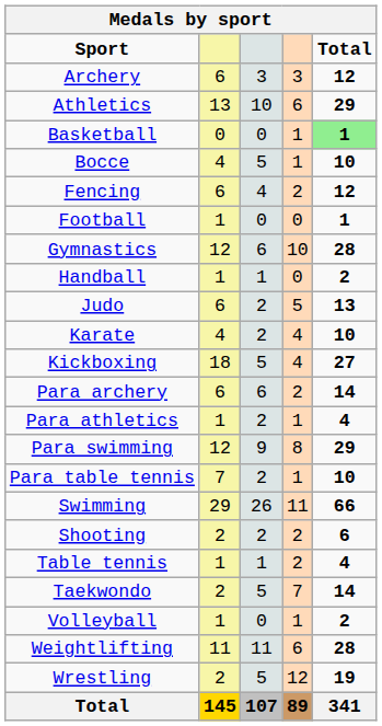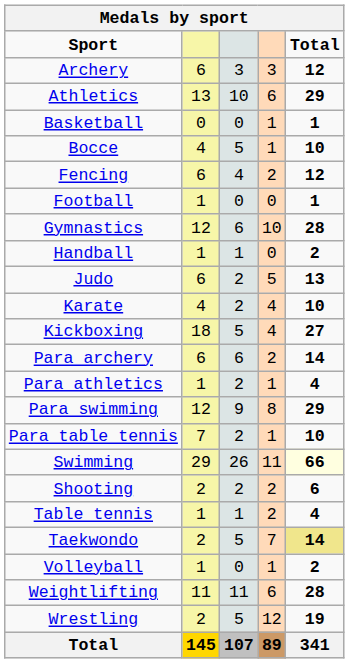 <table class="wikitable" style="font-size:85%; float:right; margin-left:1em;">
 <tr style="background:#efefef;">
 <th colspan=7>Medals by sport</th>
 </tr>
 <tr align=center>
 <td><strong>Sport</strong></td>
 <td bgcolor=#f7f6a8></td>
 <td bgcolor=#dce5e5></td>
 <td bgcolor=#ffdab9></td>
 <td><strong>Total</strong></td>
 </tr>
 <tr align=center>
 <td><a href='#'>Archery</a></td>
 <td style="background:#F7F6A8;">6</td>
 <td style="background:#DCE5E5;">3</td>
 <td style="background:#FFDAB9;">3</td>
 <td><strong>12</strong></td>
 </tr>
 <tr align=center>
 <td><a href='#'>Athletics</a></td>
 <td style="background:#F7F6A8;">13</td>
 <td style="background:#DCE5E5;">10</td>
 <td style="background:#FFDAB9;">6</td>
 <td><strong>29</strong></td>
 </tr>
 <tr align=center>
 <td><a href='#'>Basketball</a></td>
 <td style="background:#F7F6A8;">0</td>
 <td style="background:#DCE5E5;">0</td>
 <td style="background:#FFDAB9;">1</td>
-<td style="background: lightgreen;"><strong>1</strong></td>
+<td><strong>1</strong></td>
 </tr>
 <tr align=center>
 <td><a href='#'>Bocce</a></td>
 <td style="background:#F7F6A8;">4</td>
 <td style="background:#DCE5E5;">5</td>
 <td style="background:#FFDAB9;">1</td>
 <td><strong>10</strong></td>
 </tr>
 <tr align=center>
 <td><a href='#'>Fencing</a></td>
 <td style="background:#F7F6A8;">6</td>
 <td style="background:#DCE5E5;">4</td>
 <td style="background:#FFDAB9;">2</td>
 <td><strong>12</strong></td>
 </tr>
 <tr align=center>
 <td><a href='#'>Football</a></td>
 <td style="background:#F7F6A8;">1</td>
 <td style="background:#DCE5E5;">0</td>
 <td style="background:#FFDAB9;">0</td>
 <td><strong>1</strong></td>
 </tr>
 <tr align=center>
 <td><a href='#'>Gymnastics</a></td>
 <td style="background:#F7F6A8;">12</td>
 <td style="background:#DCE5E5;">6</td>
 <td style="background:#FFDAB9;">10</td>
 <td><strong>28</strong></td>
 </tr>
 <tr align=center>
 <td><a href='#'>Handball</a></td>
 <td style="background:#F7F6A8;">1</td>
 <td style="background:#DCE5E5;">1</td>
 <td style="background:#FFDAB9;">0</td>
 <td><strong>2</strong></td>
 </tr>
 <tr align=center>
 <td><a href='#'>Judo</a></td>
 <td style="background:#F7F6A8;">6</td>
 <td style="background:#DCE5E5;">2</td>
 <td style="background:#FFDAB9;">5</td>
 <td><strong>13</strong></td>
 </tr>
 <tr align=center>
 <td><a href='#'>Karate</a></td>
 <td style="background:#F7F6A8;">4</td>
 <td style="background:#DCE5E5;">2</td>
 <td style="background:#FFDAB9;">4</td>
 <td><strong>10</strong></td>
 </tr>
 <tr align=center>
 <td><a href='#'>Kickboxing</a></td>
 <td style="background:#F7F6A8;">18</td>
 <td style="background:#DCE5E5;">5</td>
 <td style="background:#FFDAB9;">4</td>
 <td><strong>27</strong></td>
 </tr>
 <tr align=center>
 <td><a href='#'>Para archery</a></td>
 <td style="background:#F7F6A8;">6</td>
 <td style="background:#DCE5E5;">6</td>
 <td style="background:#FFDAB9;">2</td>
 <td><strong>14</strong></td>
 </tr>
 <tr align=center>
 <td><a href='#'>Para athletics</a></td>
 <td style="background:#F7F6A8;">1</td>
 <td style="background:#DCE5E5;">2</td>
 <td style="background:#FFDAB9;">1</td>
 <td><strong>4</strong></td>
 </tr>
 <tr align=center>
 <td><a href='#'>Para swimming</a></td>
 <td style="background:#F7F6A8;">12</td>
 <td style="background:#DCE5E5;">9</td>
 <td style="background:#FFDAB9;">8</td>
 <td><strong>29</strong></td>
 </tr>
 <tr align=center>
 <td><a href='#'>Para table tennis</a></td>
 <td style="background:#F7F6A8;">7</td>
 <td style="background:#DCE5E5;">2</td>
 <td style="background:#FFDAB9;">1</td>
 <td><strong>10</strong></td>
 </tr>
 <tr align=center>
 <td><a href='#'>Swimming</a></td>
 <td style="background:#F7F6A8;">29</td>
 <td style="background:#DCE5E5;">26</td>
 <td style="background:#FFDAB9;">11</td>
-<td><strong>66</strong></td>
+<td style="background: lightyellow;"><strong>66</strong></td>
 </tr>
 <tr align=center>
 <td><a href='#'>Shooting</a></td>
 <td style="background:#F7F6A8;">2</td>
 <td style="background:#DCE5E5;">2</td>
 <td style="background:#FFDAB9;">2</td>
 <td><strong>6</strong></td>
 </tr>
 <tr align=center>
 <td><a href='#'>Table tennis</a></td>
 <td style="background:#F7F6A8;">1</td>
 <td style="background:#DCE5E5;">1</td>
 <td style="background:#FFDAB9;">2</td>
 <td><strong>4</strong></td>
 </tr>
 <tr align=center>
 <td><a href='#'>Taekwondo</a></td>
 <td style="background:#F7F6A8;">2</td>
 <td style="background:#DCE5E5;">5</td>
 <td style="background:#FFDAB9;">7</td>
-<td><strong>14</strong></td>
+<td style="background: khaki;"><strong>14</strong></td>
 </tr>
 <tr align=center>
 <td><a href='#'>Volleyball</a></td>
 <td style="background:#F7F6A8;">1</td>
 <td style="background:#DCE5E5;">0</td>
 <td style="background:#FFDAB9;">1</td>
 <td><strong>2</strong></td>
 </tr>
 <tr align=center>
 <td><a href='#'>Weightlifting</a></td>
 <td style="background:#F7F6A8;">11</td>
 <td style="background:#DCE5E5;">11</td>
 <td style="background:#FFDAB9;">6</td>
 <td><strong>28</strong></td>
 </tr>
 <tr align=center>
 <td><a href='#'>Wrestling</a></td>
 <td style="background:#F7F6A8;">2</td>
 <td style="background:#DCE5E5;">5</td>
 <td style="background:#FFDAB9;">12</td>
 <td><strong>19</strong></td>
 </tr>
 <tr align=center>
 <th>Total</th>
 <th style="background:gold;">145</th>
 <th style="background:silver;">107</th>
 <th style="background:#c96;">89</th>
 <th>341</th>
 </tr>
 </table>
